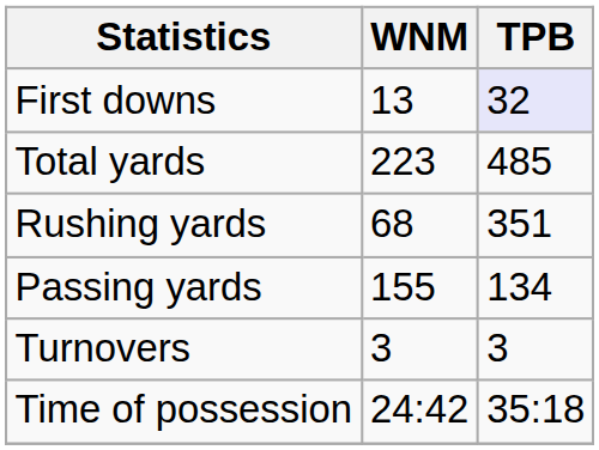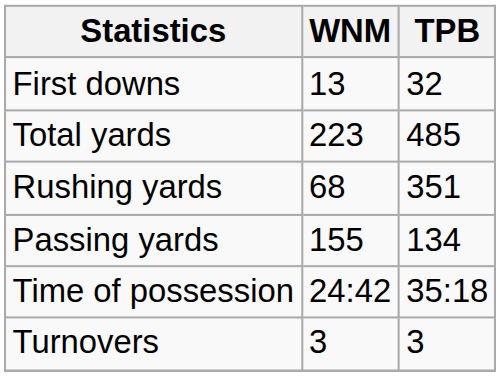 <table class="wikitable" style="float: left;">
 <tr>
 <th>Statistics</th>
 <th>WNM</th>
 <th>TPB</th>
 </tr>
 <tr>
 <td>First downs</td>
 <td>13</td>
-<td style="background: lavender;">32</td>
+<td>32</td>
 </tr>
 <tr>
 <td>Total yards</td>
 <td>223</td>
 <td>485</td>
 </tr>
 <tr>
 <td>Rushing yards</td>
 <td>68</td>
 <td>351</td>
 </tr>
 <tr>
 <td>Passing yards</td>
 <td>155</td>
 <td>134</td>
 </tr>
 <tr>
+<td>Time of possession</td>
+<td>24:42</td>
+<td>35:18</td>
+</tr>
+<tr>
 <td>Turnovers</td>
 <td>3</td>
 <td>3</td>
 </tr>
 <tr>
-<td>Time of possession</td>
-<td>24:42</td>
-<td>35:18</td>
-</tr>
-<tr>
 </tr>
 </table>
